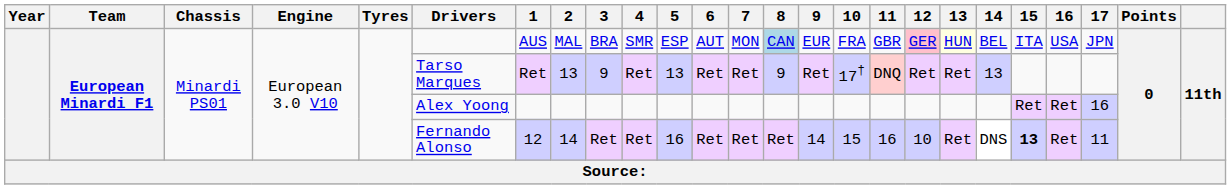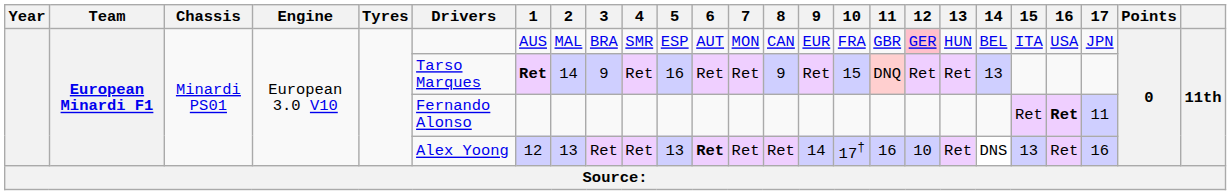 <table class="wikitable" style="text-align:center; font-size:85%">
 <tr>
 <th>Year</th>
 <th>Team</th>
 <th>Chassis</th>
 <th>Engine</th>
 <th>Tyres</th>
 <th>Drivers</th>
 <th>1</th>
 <th>2</th>
 <th>3</th>
 <th>4</th>
 <th>5</th>
 <th>6</th>
 <th>7</th>
 <th>8</th>
 <th>9</th>
 <th>10</th>
 <th>11</th>
 <th>12</th>
 <th>13</th>
 <th>14</th>
 <th>15</th>
 <th>16</th>
 <th>17</th>
 <th>Points</th>
 <th></th>
 </tr>
 <tr>
 <th rowspan="4"></th>
 <th rowspan="4"><a href='#'>European Minardi F1</a></th>
 <td rowspan="4"><a href='#'>Minardi PS01</a></td>
 <td rowspan="4">European 3.0 <a href='#'>V10</a></td>
 <td rowspan="4"></td>
 <td></td>
 <td><a href='#'>AUS</a></td>
 <td><a href='#'>MAL</a></td>
 <td><a href='#'>BRA</a></td>
 <td><a href='#'>SMR</a></td>
 <td><a href='#'>ESP</a></td>
 <td><a href='#'>AUT</a></td>
 <td><a href='#'>MON</a></td>
-<td style="background: lightblue;"><a href='#'>CAN</a></td>
+<td><a href='#'>CAN</a></td>
 <td><a href='#'>EUR</a></td>
 <td><a href='#'>FRA</a></td>
 <td><a href='#'>GBR</a></td>
 <td style="background: pink;"><a href='#'>GER</a></td>
-<td style="background: lightyellow;"><a href='#'>HUN</a></td>
+<td><a href='#'>HUN</a></td>
 <td><a href='#'>BEL</a></td>
 <td><a href='#'>ITA</a></td>
 <td><a href='#'>USA</a></td>
 <td><a href='#'>JPN</a></td>
 <th rowspan="4">0</th>
 <th rowspan="4">11th</th>
 </tr>
 <tr>
 <td align="left"> <a href='#'>Tarso Marques</a></td>
-<td style="background:#EFCFFF;">Ret</td>
-<td style="background:#CFCFFF;">13</td>
+<td style="background:#EFCFFF;"><strong>Ret</strong></td>
+<td style="background:#CFCFFF;">14</td>
 <td style="background:#CFCFFF;">9</td>
 <td style="background:#EFCFFF;">Ret</td>
-<td style="background:#CFCFFF;">13</td>
+<td style="background:#CFCFFF;">16</td>
 <td style="background:#EFCFFF;">Ret</td>
 <td style="background:#EFCFFF;">Ret</td>
 <td style="background:#CFCFFF;">9</td>
 <td style="background:#EFCFFF;">Ret</td>
-<td style="background:#CFCFFF;">17<sup>†</sup></td>
+<td style="background:#CFCFFF;">15</td>
 <td style="background:#FFCFCF;">DNQ</td>
 <td style="background:#EFCFFF;">Ret</td>
 <td style="background:#EFCFFF;">Ret</td>
 <td style="background:#CFCFFF;">13</td>
 <td></td>
 <td></td>
 <td></td>
 </tr>
 <tr>
-<td align="left"> <a href='#'>Alex Yoong</a></td>
+<td align="left"> <a href='#'>Fernando Alonso</a></td>
 <td></td>
 <td></td>
 <td></td>
 <td></td>
 <td></td>
 <td></td>
 <td></td>
 <td></td>
 <td></td>
 <td></td>
 <td></td>
 <td></td>
 <td></td>
 <td></td>
 <td style="background:#EFCFFF;">Ret</td>
-<td style="background:#EFCFFF;">Ret</td>
-<td style="background:#CFCFFF;">16</td>
+<td style="background:#EFCFFF;"><strong>Ret</strong></td>
+<td style="background:#CFCFFF;">11</td>
 </tr>
 <tr>
-<td align="left"> <a href='#'>Fernando Alonso</a></td>
+<td align="left"> <a href='#'>Alex Yoong</a></td>
 <td style="background:#CFCFFF;">12</td>
-<td style="background:#CFCFFF;">14</td>
+<td style="background:#CFCFFF;">13</td>
 <td style="background:#EFCFFF;">Ret</td>
 <td style="background:#EFCFFF;">Ret</td>
-<td style="background:#CFCFFF;">16</td>
-<td style="background:#EFCFFF;">Ret</td>
+<td style="background:#CFCFFF;">13</td>
+<td style="background:#EFCFFF;"><strong>Ret</strong></td>
 <td style="background:#EFCFFF;">Ret</td>
 <td style="background:#EFCFFF;">Ret</td>
 <td style="background:#CFCFFF;">14</td>
-<td style="background:#CFCFFF;">15</td>
+<td style="background:#CFCFFF;">17<sup>†</sup></td>
 <td style="background:#CFCFFF;">16</td>
 <td style="background:#CFCFFF;">10</td>
 <td style="background:#EFCFFF;">Ret</td>
 <td style="background:#FFFFFF;">DNS</td>
-<td style="background:#CFCFFF;"><strong>13</strong></td>
+<td style="background:#CFCFFF;">13</td>
 <td style="background:#EFCFFF;">Ret</td>
-<td style="background:#CFCFFF;">11</td>
+<td style="background:#CFCFFF;">16</td>
 </tr>
 <tr>
 <th colspan="25">Source:</th>
 </tr>
 </table>
